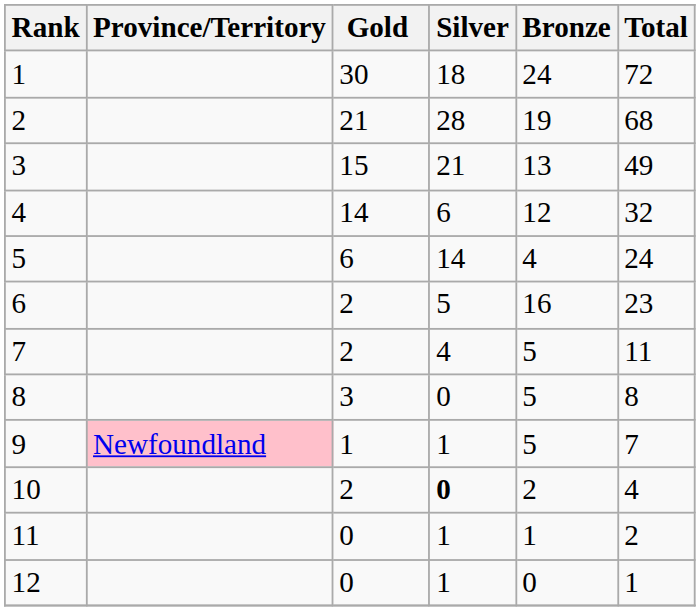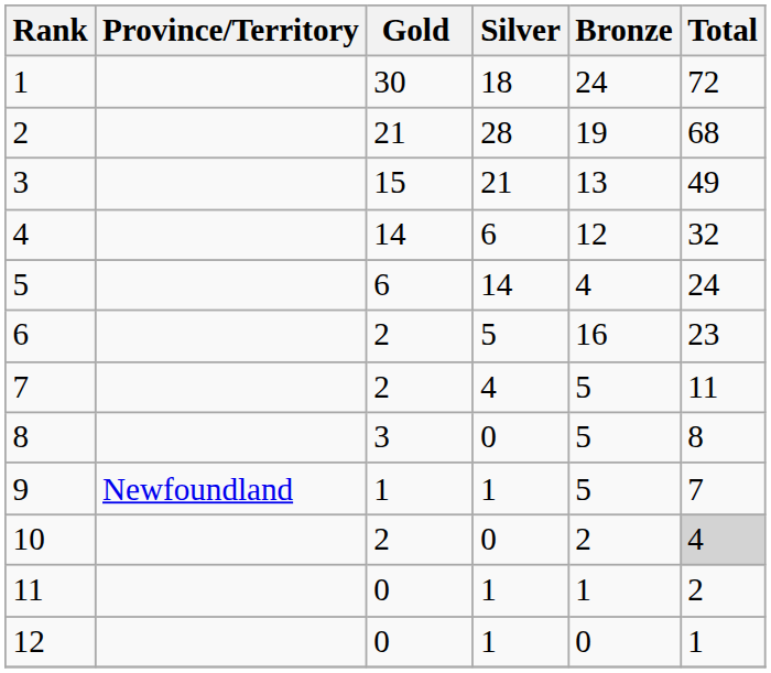 <table class="wikitable">
 <tr>
 <th><strong>Rank</strong></th>
 <th><strong>Province/Territory</strong></th>
 <th bgcolor="gold"><strong> Gold  </strong></th>
 <th bgcolor="silver"><strong>Silver</strong></th>
 <th bgcolor="CC9966"><strong>Bronze</strong></th>
 <th><strong>Total</strong></th>
 </tr>
 <tr>
 <td>1</td>
 <td></td>
 <td>30</td>
 <td>18</td>
 <td>24</td>
 <td>72</td>
 </tr>
 <tr>
 <td>2</td>
 <td></td>
 <td>21</td>
 <td>28</td>
 <td>19</td>
 <td>68</td>
 </tr>
 <tr>
 <td>3</td>
 <td></td>
 <td>15</td>
 <td>21</td>
 <td>13</td>
 <td>49</td>
 </tr>
 <tr>
 <td>4</td>
 <td><strong></strong></td>
 <td>14</td>
 <td>6</td>
 <td>12</td>
 <td>32</td>
 </tr>
 <tr>
 <td>5</td>
 <td></td>
 <td>6</td>
 <td>14</td>
 <td>4</td>
 <td>24</td>
 </tr>
 <tr>
 <td>6</td>
 <td></td>
 <td>2</td>
 <td>5</td>
 <td>16</td>
 <td>23</td>
 </tr>
 <tr>
 <td>7</td>
 <td></td>
 <td>2</td>
 <td>4</td>
 <td>5</td>
 <td>11</td>
 </tr>
 <tr>
 <td>8</td>
 <td></td>
 <td>3</td>
 <td>0</td>
 <td>5</td>
 <td>8</td>
 </tr>
 <tr>
 <td>9</td>
-<td style="background: pink;"> <a href='#'>Newfoundland</a></td>
+<td> <a href='#'>Newfoundland</a></td>
 <td>1</td>
 <td>1</td>
 <td>5</td>
 <td>7</td>
 </tr>
 <tr>
 <td>10</td>
 <td></td>
 <td>2</td>
-<td><strong>0</strong></td>
+<td>0</td>
 <td>2</td>
-<td>4</td>
+<td style="background: lightgrey;">4</td>
 </tr>
 <tr>
 <td>11</td>
 <td></td>
 <td>0</td>
 <td>1</td>
 <td>1</td>
 <td>2</td>
 </tr>
 <tr>
 <td>12</td>
 <td></td>
 <td>0</td>
 <td>1</td>
 <td>0</td>
 <td>1</td>
 </tr>
 <tr>
 </tr>
 </table>
